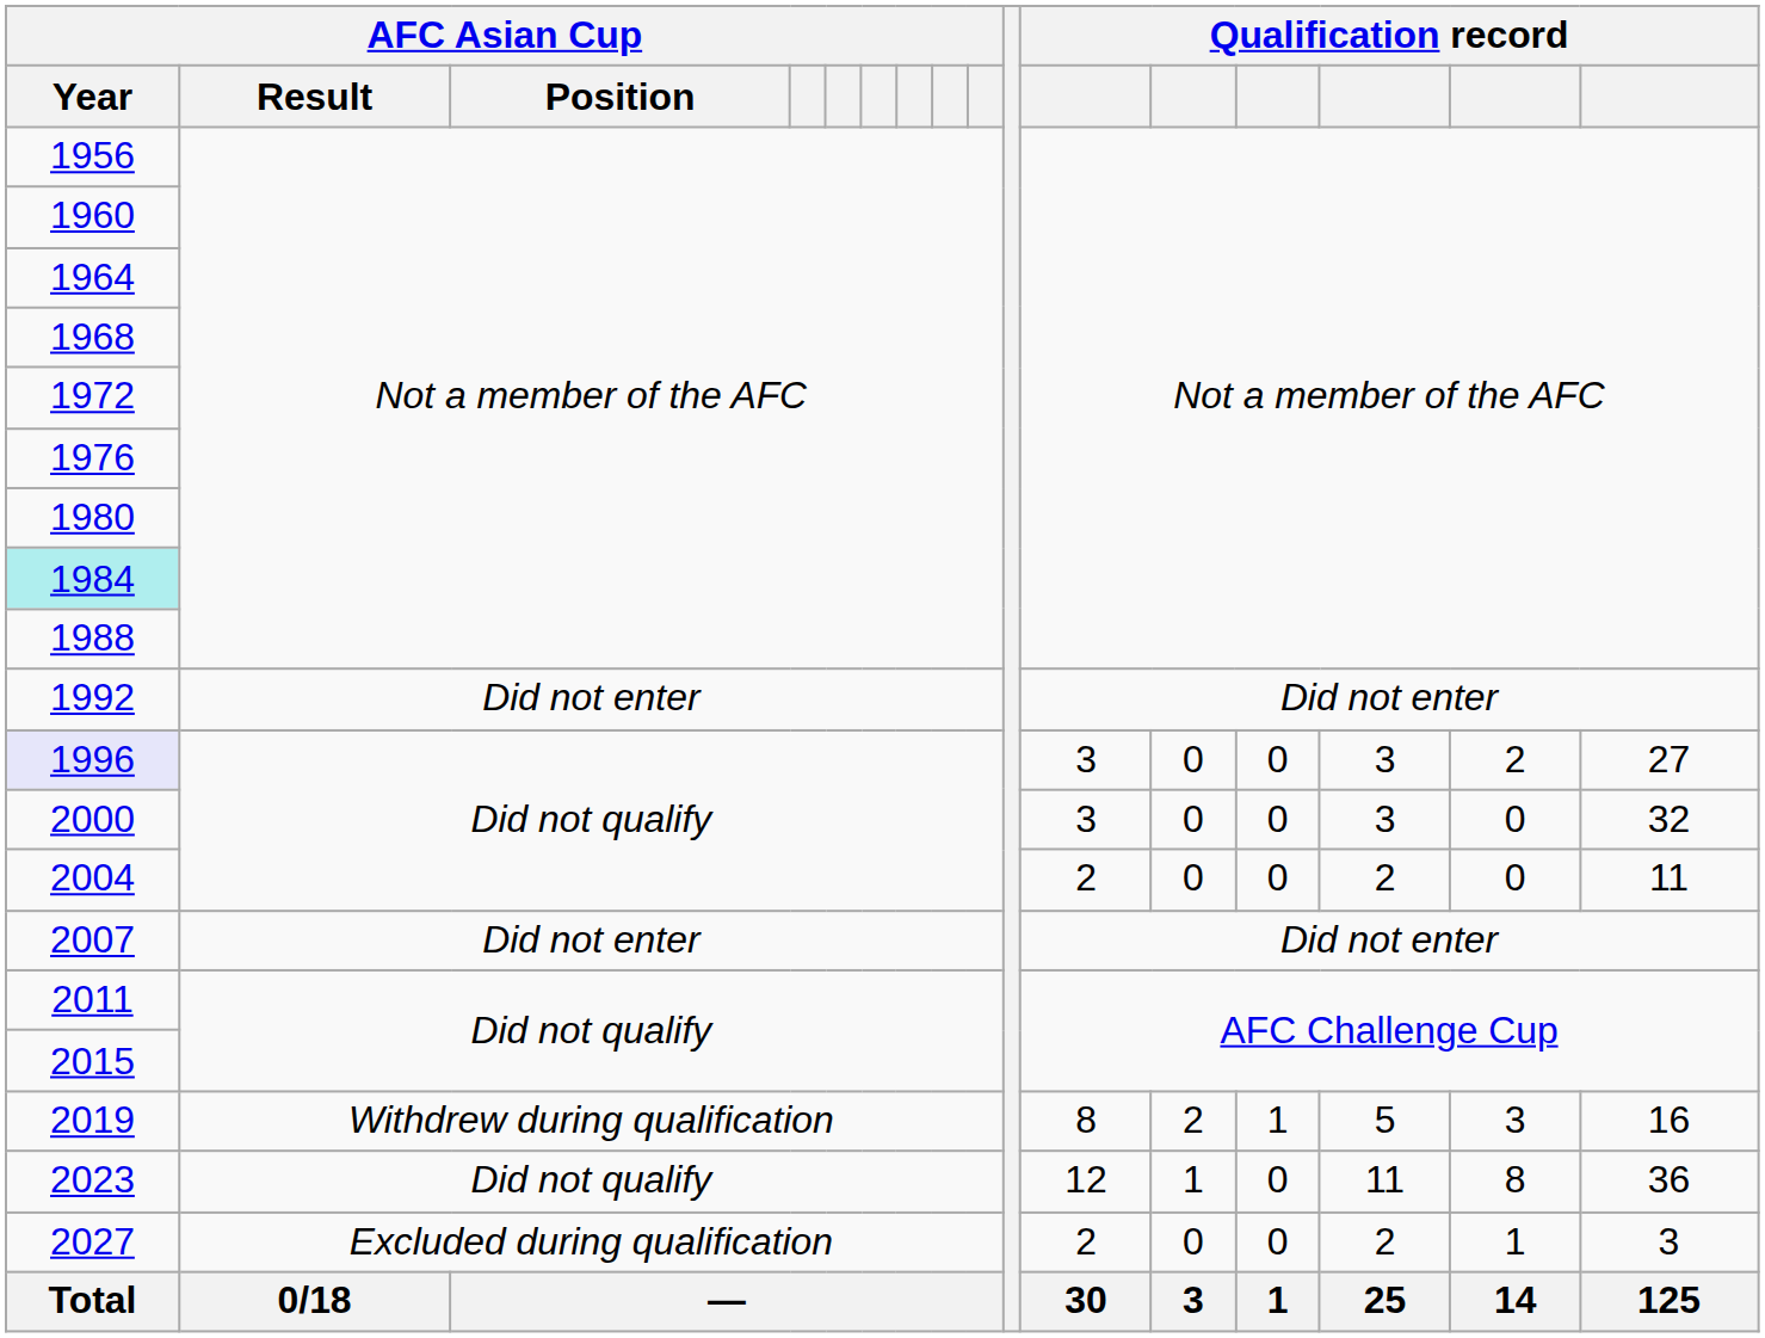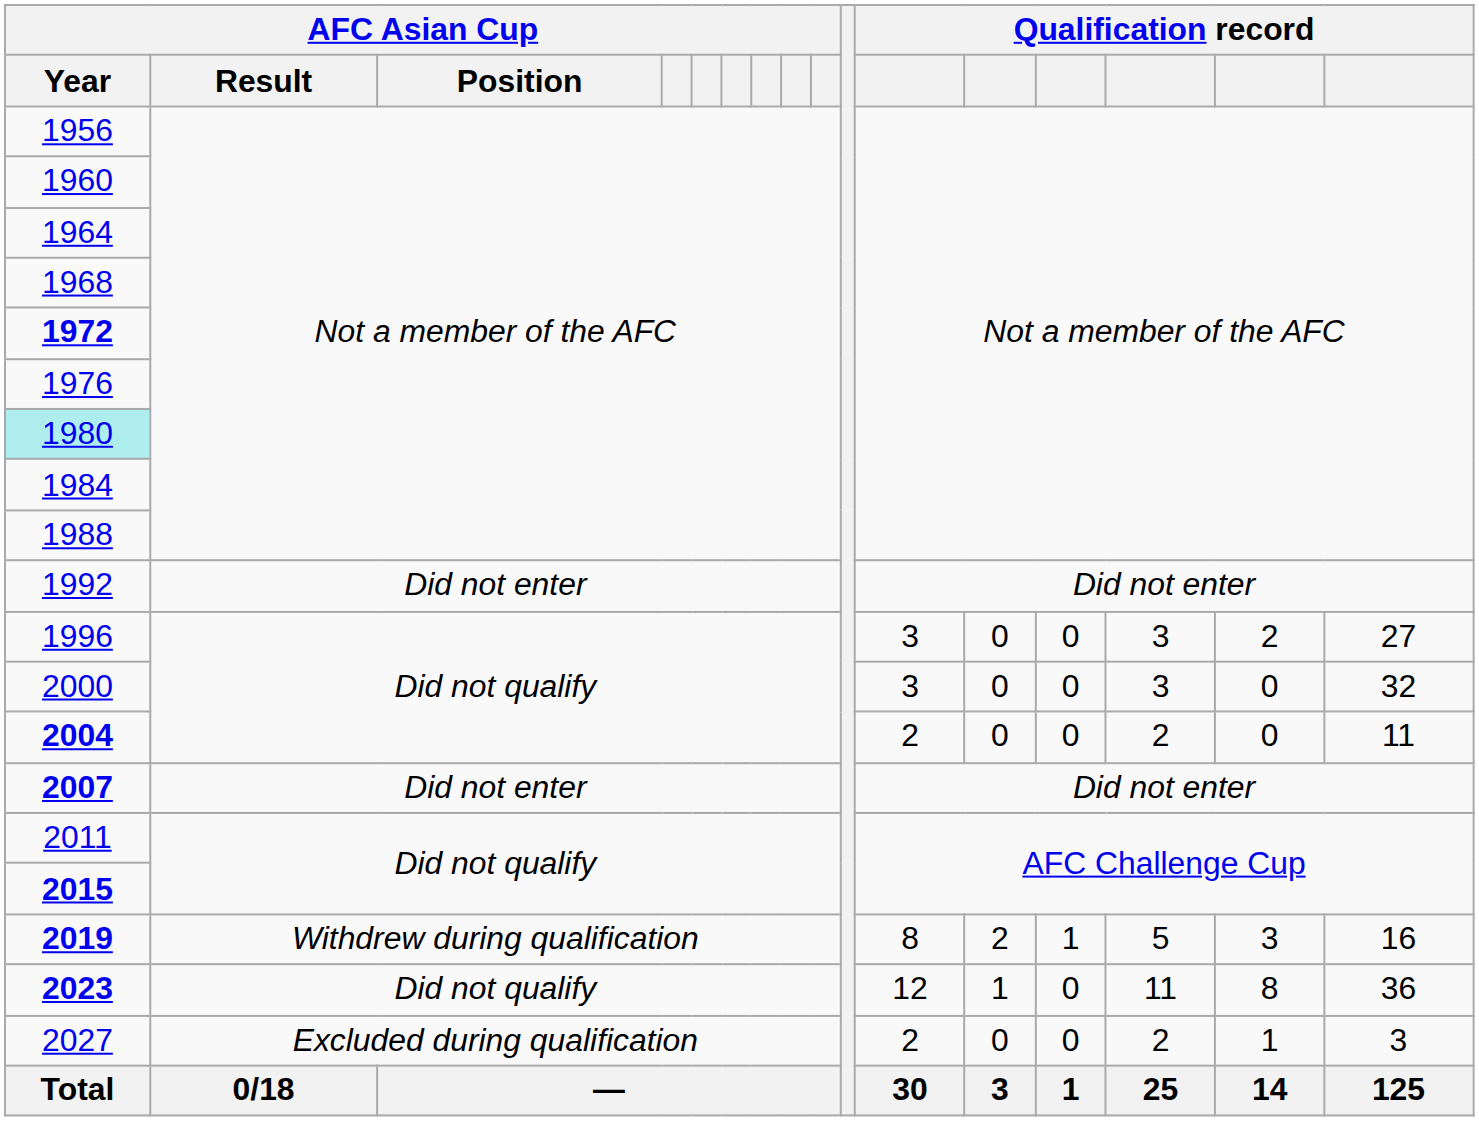 <table class="wikitable" style="text-align: center;">
 <tr>
 <th colspan=9><a href='#'>AFC Asian Cup</a></th>
 <th style="width:1%;" rowspan="22"></th>
 <th colspan=6><a href='#'>Qualification</a> record</th>
 </tr>
 <tr>
 <th>Year</th>
 <th>Result</th>
 <th>Position</th>
 <th></th>
 <th></th>
 <th></th>
 <th></th>
 <th></th>
 <th></th>
 <th></th>
 <th></th>
 <th></th>
 <th></th>
 <th></th>
 <th></th>
 </tr>
 <tr>
 <td> <a href='#'>1956</a></td>
 <td colspan="8" rowspan=9><em>Not a member of the AFC</em></td>
 <td colspan="6" rowspan=9><em>Not a member of the AFC</em></td>
 </tr>
 <tr>
 <td> <a href='#'>1960</a></td>
 </tr>
 <tr>
 <td> <a href='#'>1964</a></td>
 </tr>
 <tr>
 <td> <a href='#'>1968</a></td>
 </tr>
 <tr>
-<td> <a href='#'>1972</a></td>
+<td><strong> <a href='#'>1972</a></strong></td>
 </tr>
 <tr>
 <td> <a href='#'>1976</a></td>
 </tr>
 <tr>
-<td> <a href='#'>1980</a></td>
+<td style="background: paleturquoise;"> <a href='#'>1980</a></td>
 </tr>
 <tr>
-<td style="background: paleturquoise;"> <a href='#'>1984</a></td>
+<td> <a href='#'>1984</a></td>
 </tr>
 <tr>
 <td> <a href='#'>1988</a></td>
 </tr>
 <tr>
 <td> <a href='#'>1992</a></td>
 <td colspan="8"><em>Did not enter</em></td>
 <td colspan="6"><em>Did not enter</em></td>
 </tr>
 <tr>
-<td style="background: lavender;"> <a href='#'>1996</a></td>
+<td> <a href='#'>1996</a></td>
 <td colspan=8 rowspan=3><em>Did not qualify</em></td>
 <td>3</td>
 <td>0</td>
 <td>0</td>
 <td>3</td>
 <td>2</td>
 <td>27</td>
 </tr>
 <tr>
 <td> <a href='#'>2000</a></td>
 <td>3</td>
 <td>0</td>
 <td>0</td>
 <td>3</td>
 <td>0</td>
 <td>32</td>
 </tr>
 <tr>
-<td> <a href='#'>2004</a></td>
+<td><strong> <a href='#'>2004</a></strong></td>
 <td>2</td>
 <td>0</td>
 <td>0</td>
 <td>2</td>
 <td>0</td>
 <td>11</td>
 </tr>
 <tr>
-<td>    <a href='#'>2007</a></td>
+<td><strong>    <a href='#'>2007</a></strong></td>
 <td colspan=8><em>Did not enter</em></td>
 <td colspan=6><em>Did not enter</em></td>
 </tr>
 <tr>
 <td> <a href='#'>2011</a></td>
 <td colspan=8 rowspan=2><em>Did not qualify</em></td>
 <td colspan=8 rowspan=2><a href='#'>AFC Challenge Cup</a></td>
 </tr>
 <tr>
-<td> <a href='#'>2015</a></td>
+<td><strong> <a href='#'>2015</a></strong></td>
 </tr>
 <tr>
-<td> <a href='#'>2019</a></td>
+<td><strong> <a href='#'>2019</a></strong></td>
 <td colspan=8><em>Withdrew during qualification</em></td>
 <td>8</td>
 <td>2</td>
 <td>1</td>
 <td>5</td>
 <td>3</td>
 <td>16</td>
 </tr>
 <tr>
-<td> <a href='#'>2023</a></td>
+<td><strong> <a href='#'>2023</a></strong></td>
 <td colspan=8><em>Did not qualify</em></td>
 <td>12</td>
 <td>1</td>
 <td>0</td>
 <td>11</td>
 <td>8</td>
 <td>36</td>
 </tr>
 <tr>
 <td> <a href='#'>2027</a></td>
 <td colspan=8><em>Excluded during qualification</em></td>
 <td>2</td>
 <td>0</td>
 <td>0</td>
 <td>2</td>
 <td>1</td>
 <td>3</td>
 </tr>
 <tr>
 <th><strong>Total</strong></th>
 <th><strong>0/18</strong></th>
 <th colspan=7><strong>—</strong></th>
 <th><strong>30</strong></th>
 <th><strong>3</strong></th>
 <th><strong>1</strong></th>
 <th><strong>25</strong></th>
 <th><strong>14</strong></th>
 <th><strong>125</strong></th>
 </tr>
 </table>
